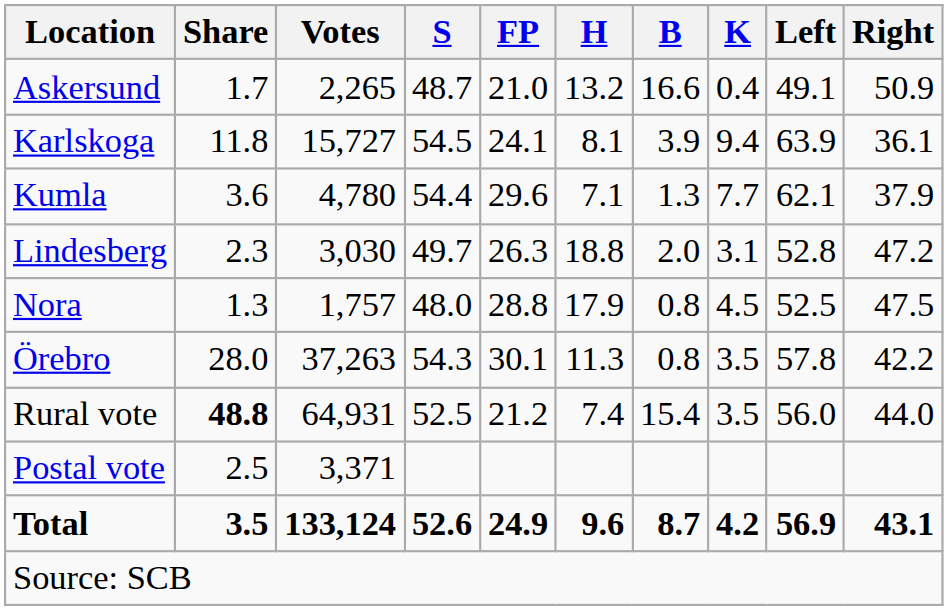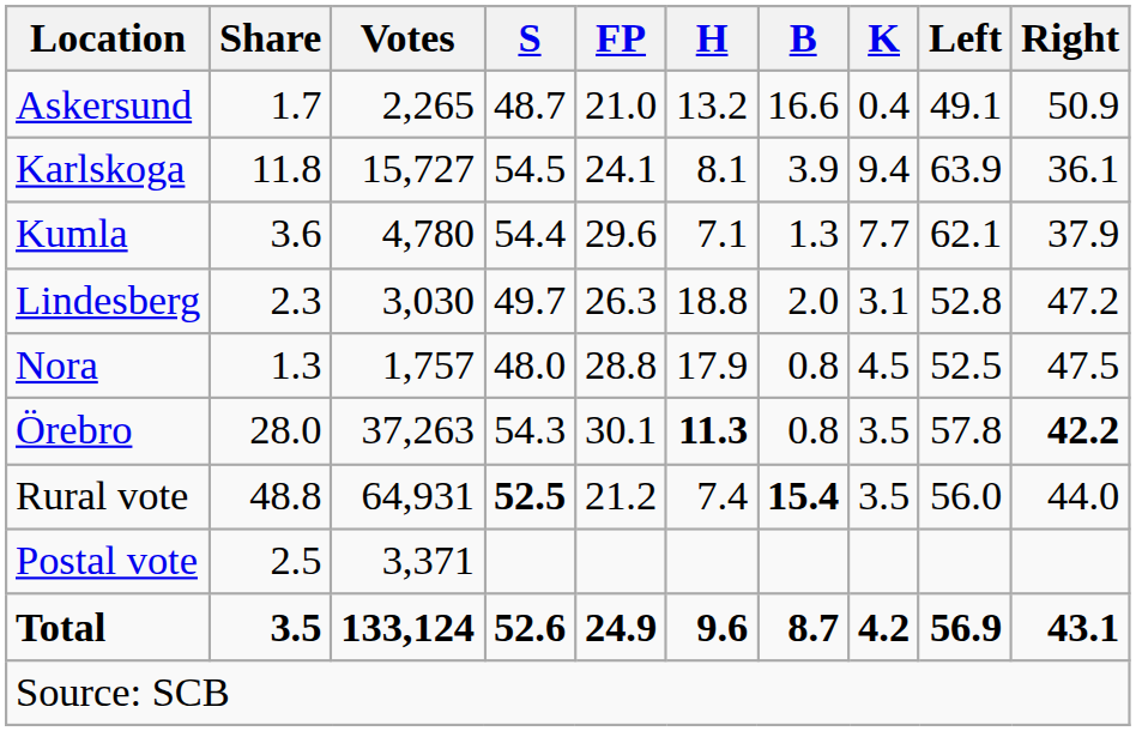 <table class="wikitable sortable" style=text-align:right>
 <tr>
 <th>Location</th>
 <th>Share</th>
 <th>Votes</th>
 <th><a href='#'>S</a></th>
 <th><a href='#'>FP</a></th>
 <th><a href='#'>H</a></th>
 <th><a href='#'>B</a></th>
 <th><a href='#'>K</a></th>
 <th>Left</th>
 <th>Right</th>
 </tr>
 <tr>
 <td align=left><a href='#'>Askersund</a></td>
 <td>1.7</td>
 <td>2,265</td>
 <td>48.7</td>
 <td>21.0</td>
 <td>13.2</td>
 <td>16.6</td>
 <td>0.4</td>
 <td>49.1</td>
 <td>50.9</td>
 </tr>
 <tr>
 <td align=left><a href='#'>Karlskoga</a></td>
 <td>11.8</td>
 <td>15,727</td>
 <td>54.5</td>
 <td>24.1</td>
 <td>8.1</td>
 <td>3.9</td>
 <td>9.4</td>
 <td>63.9</td>
 <td>36.1</td>
 </tr>
 <tr>
 <td align=left><a href='#'>Kumla</a></td>
 <td>3.6</td>
 <td>4,780</td>
 <td>54.4</td>
 <td>29.6</td>
 <td>7.1</td>
 <td>1.3</td>
 <td>7.7</td>
 <td>62.1</td>
 <td>37.9</td>
 </tr>
 <tr>
 <td align=left><a href='#'>Lindesberg</a></td>
 <td>2.3</td>
 <td>3,030</td>
 <td>49.7</td>
 <td>26.3</td>
 <td>18.8</td>
 <td>2.0</td>
 <td>3.1</td>
 <td>52.8</td>
 <td>47.2</td>
 </tr>
 <tr>
 <td align=left><a href='#'>Nora</a></td>
 <td>1.3</td>
 <td>1,757</td>
 <td>48.0</td>
 <td>28.8</td>
 <td>17.9</td>
 <td>0.8</td>
 <td>4.5</td>
 <td>52.5</td>
 <td>47.5</td>
 </tr>
 <tr>
 <td align=left><a href='#'>Örebro</a></td>
 <td>28.0</td>
 <td>37,263</td>
 <td>54.3</td>
 <td>30.1</td>
-<td>11.3</td>
+<td><strong>11.3</strong></td>
 <td>0.8</td>
 <td>3.5</td>
 <td>57.8</td>
-<td>42.2</td>
+<td><strong>42.2</strong></td>
 </tr>
 <tr>
 <td align=left>Rural vote</td>
-<td><strong>48.8</strong></td>
+<td>48.8</td>
 <td>64,931</td>
-<td>52.5</td>
+<td><strong>52.5</strong></td>
 <td>21.2</td>
 <td>7.4</td>
-<td>15.4</td>
+<td><strong>15.4</strong></td>
 <td>3.5</td>
 <td>56.0</td>
 <td>44.0</td>
 </tr>
 <tr>
 <td align=left><a href='#'>Postal vote</a></td>
 <td>2.5</td>
 <td>3,371</td>
 <td></td>
 <td></td>
 <td></td>
 <td></td>
 <td></td>
 <td></td>
 <td></td>
 </tr>
 <tr>
 <td align=left><strong>Total</strong></td>
 <td><strong>3.5</strong></td>
 <td><strong>133,124</strong></td>
 <td><strong>52.6</strong></td>
 <td><strong>24.9</strong></td>
 <td><strong>9.6</strong></td>
 <td><strong>8.7</strong></td>
 <td><strong>4.2</strong></td>
 <td><strong>56.9</strong></td>
 <td><strong>43.1</strong></td>
 </tr>
 <tr>
 <td align=left colspan=10>Source: SCB </td>
 </tr>
 </table>
